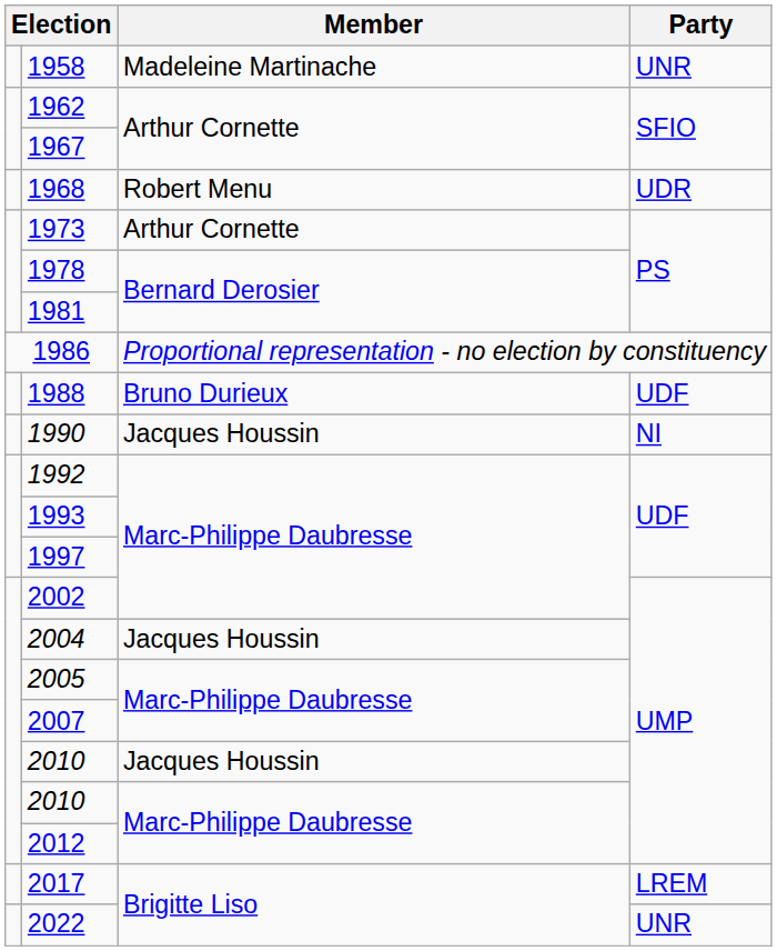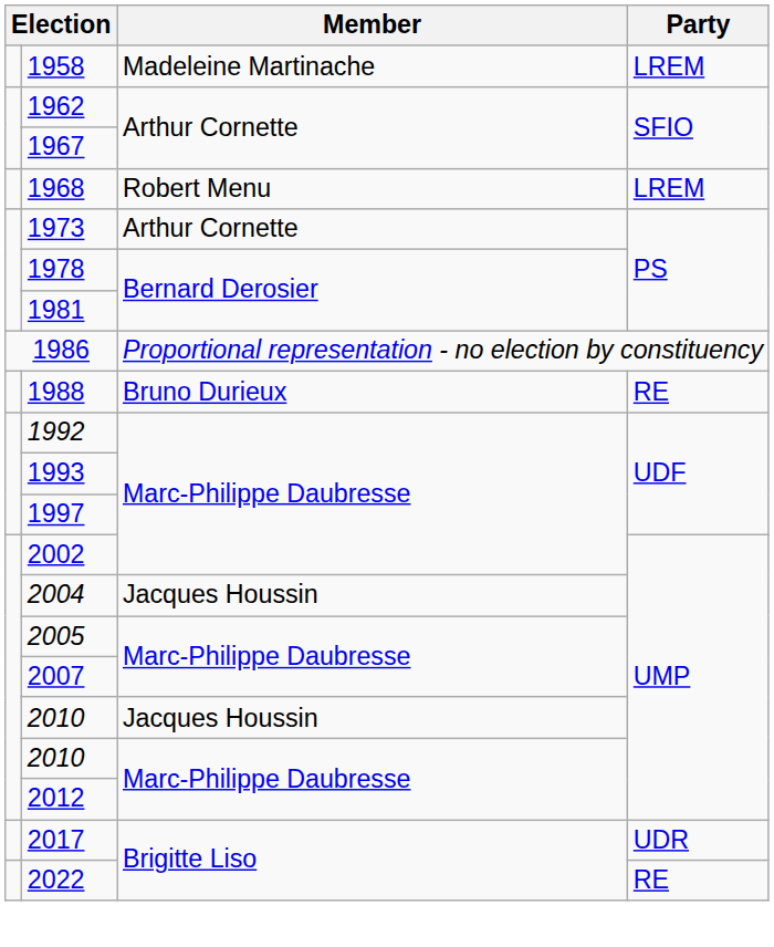 <table class="wikitable">
 <tr>
 <th colspan="2">Election</th>
 <th>Member</th>
 <th>Party</th>
 </tr>
 <tr>
 <td style="color:inherit;background-color: "></td>
 <td><a href='#'>1958</a></td>
 <td>Madeleine Martinache</td>
-<td><a href='#'>UNR</a></td>
+<td><a href='#'>LREM</a></td>
 </tr>
 <tr>
 <td rowspan="2" style="background-color: "></td>
 <td><a href='#'>1962</a></td>
 <td rowspan="2">Arthur Cornette</td>
 <td rowspan="2"><a href='#'>SFIO</a></td>
 </tr>
 <tr>
 <td><a href='#'>1967</a></td>
 </tr>
 <tr>
 <td style="color:inherit;background-color: "></td>
 <td><a href='#'>1968</a></td>
 <td>Robert Menu</td>
-<td><a href='#'>UDR</a></td>
+<td><a href='#'>LREM</a></td>
 </tr>
 <tr>
 <td rowspan="3" style="background-color: "></td>
 <td><a href='#'>1973</a></td>
 <td>Arthur Cornette</td>
 <td rowspan="3"><a href='#'>PS</a></td>
 </tr>
 <tr>
 <td><a href='#'>1978</a></td>
 <td rowspan="2"><a href='#'>Bernard Derosier</a></td>
 </tr>
 <tr>
 <td><a href='#'>1981</a></td>
 </tr>
 <tr>
 <td colspan="2" align="center"><a href='#'>1986</a></td>
 <td colspan="2"><em><a href='#'>Proportional representation</a> - no election by constituency</em></td>
 </tr>
 <tr>
 <td style="color:inherit;background-color: "></td>
 <td><a href='#'>1988</a></td>
 <td><a href='#'>Bruno Durieux</a></td>
-<td><a href='#'>UDF</a></td>
-</tr>
-<tr>
-<td style="color:inherit;background-color: "></td>
-<td><em>1990</em></td>
-<td>Jacques Houssin</td>
-<td><a href='#'>NI</a></td>
+<td><a href='#'>RE</a></td>
 </tr>
 <tr>
 <td rowspan="3" style="background-color: "></td>
 <td><em>1992</em></td>
 <td rowspan="4"><a href='#'>Marc-Philippe Daubresse</a></td>
 <td rowspan="3"><a href='#'>UDF</a></td>
 </tr>
 <tr>
 <td><a href='#'>1993</a></td>
 </tr>
 <tr>
 <td><a href='#'>1997</a></td>
 </tr>
 <tr>
 <td rowspan="7" style="background-color: "></td>
 <td><a href='#'>2002</a></td>
 <td rowspan="7"><a href='#'>UMP</a></td>
 </tr>
 <tr>
 <td><em>2004</em></td>
 <td>Jacques Houssin</td>
 </tr>
 <tr>
 <td><em>2005</em></td>
 <td rowspan="2"><a href='#'>Marc-Philippe Daubresse</a></td>
 </tr>
 <tr>
 <td><a href='#'>2007</a></td>
 </tr>
 <tr>
 <td><em>2010</em></td>
 <td>Jacques Houssin</td>
 </tr>
 <tr>
 <td><em>2010</em></td>
 <td rowspan="2"><a href='#'>Marc-Philippe Daubresse</a></td>
 </tr>
 <tr>
 <td><a href='#'>2012</a></td>
 </tr>
 <tr>
 <td style="color:inherit;background-color: "></td>
 <td><a href='#'>2017</a></td>
 <td rowspan="2"><a href='#'>Brigitte Liso</a></td>
-<td><a href='#'>LREM</a></td>
+<td><a href='#'>UDR</a></td>
 </tr>
 <tr>
 <td style="color:inherit;background-color: "></td>
 <td><a href='#'>2022</a></td>
-<td><a href='#'>UNR</a></td>
+<td><a href='#'>RE</a></td>
 </tr>
 </table>
